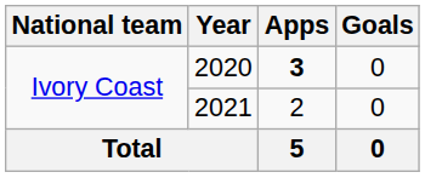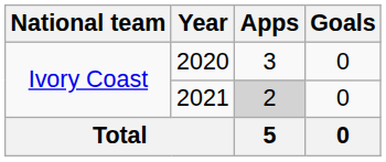 <table class="wikitable" style="text-align:center">
 <tr>
 <th>National team</th>
 <th>Year</th>
 <th>Apps</th>
 <th>Goals</th>
 </tr>
 <tr>
 <td rowspan="2"><a href='#'>Ivory Coast</a></td>
 <td>2020</td>
-<td><strong>3</strong></td>
+<td>3</td>
 <td>0</td>
 </tr>
 <tr>
 <td>2021</td>
-<td>2</td>
+<td style="background: lightgrey;">2</td>
 <td>0</td>
 </tr>
 <tr>
 <th colspan="2">Total</th>
 <th>5</th>
 <th>0</th>
 </tr>
 </table>
